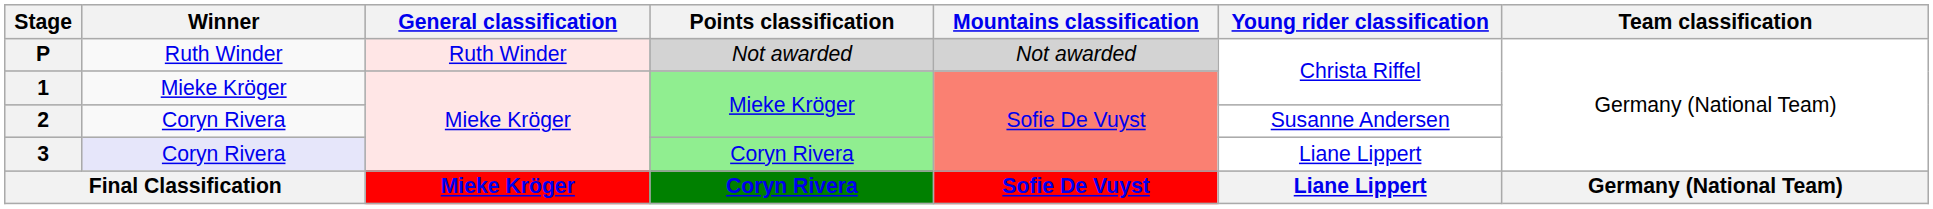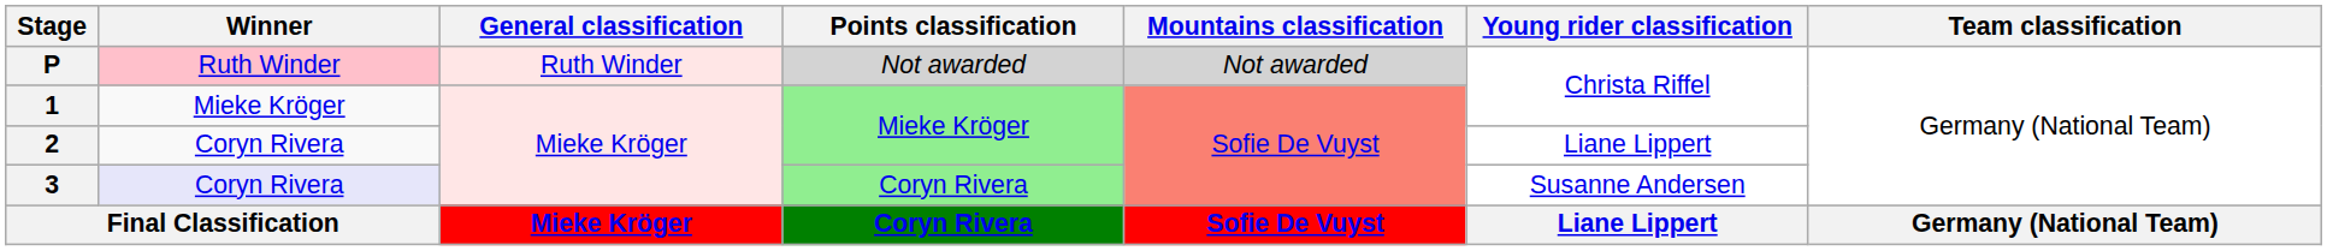 <table class="wikitable" style="text-align: center; font-size:86%;">
 <tr style="background-color: #efefef;">
 <th width="1%">Stage</th>
 <th width="10%">Winner</th>
 <th scope=col width="10%"><a href='#'>General classification</a><br> </th>
 <th scope=col width="10%">Points classification<br> </th>
 <th scope=col width="10%"><a href='#'>Mountains classification</a><br> </th>
 <th scope=col width="10%"><a href='#'>Young rider classification</a><br> </th>
 <th scope=col width="15%" style="background:offwhite;">Team classification</th>
 </tr>
 <tr>
 <th>P</th>
-<td><a href='#'>Ruth Winder</a></td>
+<td style="background: pink;"><a href='#'>Ruth Winder</a></td>
 <td style="background:#FFE6E6;"><a href='#'>Ruth Winder</a></td>
 <td style="background:lightgrey;"><em>Not awarded</em></td>
 <td style="background:lightgrey;"><em>Not awarded</em></td>
 <td style="background:white;" rowspan=2><a href='#'>Christa Riffel</a></td>
 <td style="background:white;" rowspan=4>Germany (National Team)</td>
 </tr>
 <tr>
 <th>1</th>
 <td><a href='#'>Mieke Kröger</a></td>
 <td style="background:#FFE6E6;" rowspan=3><a href='#'>Mieke Kröger</a></td>
 <td style="background:lightgreen;" rowspan=2><a href='#'>Mieke Kröger</a></td>
 <td style="background:salmon;" rowspan=3><a href='#'>Sofie De Vuyst</a></td>
 </tr>
 <tr>
 <th>2</th>
 <td><a href='#'>Coryn Rivera</a></td>
-<td style="background:white;"><a href='#'>Susanne Andersen</a></td>
+<td style="background:white;"><a href='#'>Liane Lippert</a></td>
 </tr>
 <tr>
 <th>3</th>
 <td style="background: lavender;"><a href='#'>Coryn Rivera</a></td>
 <td style="background:lightgreen;"><a href='#'>Coryn Rivera</a></td>
-<td style="background:white;"><a href='#'>Liane Lippert</a></td>
+<td style="background:white;"><a href='#'>Susanne Andersen</a></td>
 </tr>
 <tr>
 <th colspan="2"><strong>Final Classification</strong></th>
 <th style="background:#f00;"><a href='#'>Mieke Kröger</a></th>
 <th style="background:green;"><a href='#'>Coryn Rivera</a></th>
 <th style="background:red;"><a href='#'>Sofie De Vuyst</a></th>
 <th style="background:offwhite;"><a href='#'>Liane Lippert</a></th>
 <th style="background:offwhite;">Germany (National Team)</th>
 </tr>
 </table>
